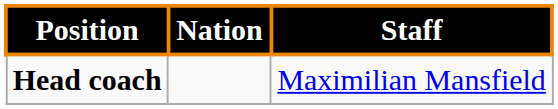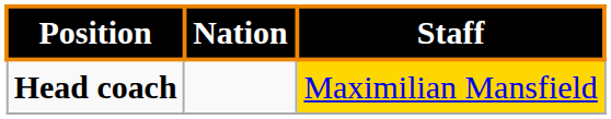 <table class="wikitable">
 <tr>
 <th style="background:#000000; color:#FFFFFF; border:2px solid #EE8601;" scope="col">Position</th>
 <th style="background:#000000; color:#FFFFFF; border:2px solid #EE8601;" scope="col">Nation</th>
 <th style="background:#000000; color:#FFFFFF; border:2px solid #EE8601;" scope="col">Staff</th>
 </tr>
 <tr>
 <td><strong>Head coach</strong></td>
 <td></td>
-<td><a href='#'>Maximilian Mansfield</a></td>
+<td style="background: gold;"><a href='#'>Maximilian Mansfield</a></td>
 </tr>
 <tr>
 </tr>
 </table>
